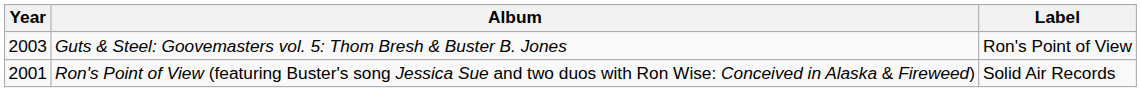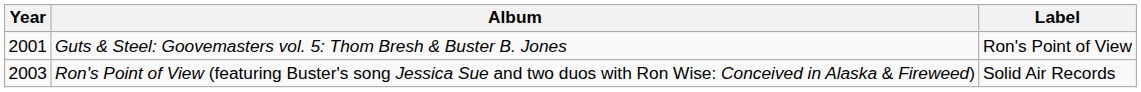 <table class="wikitable">
 <tr>
 <th>Year</th>
 <th>Album</th>
 <th>Label</th>
 </tr>
 <tr>
-<td>2003</td>
+<td>2001</td>
 <td><em>Guts & Steel: Goovemasters vol. 5: Thom Bresh & Buster B. Jones</em></td>
 <td>Ron's Point of View</td>
 </tr>
 <tr>
-<td>2001</td>
+<td>2003</td>
 <td><em>Ron's Point of View</em> (featuring Buster's song <em>Jessica Sue</em> and two duos with Ron Wise: <em>Conceived in Alaska</em> & <em>Fireweed</em>)</td>
 <td>Solid Air Records</td>
 </tr>
 </table>
